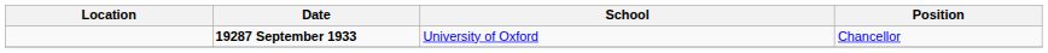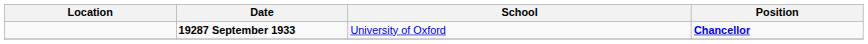 <table class="wikitable" style="width:100%;">
 <tr>
 <th style="width:20%;">Location</th>
 <th style="width:20%;">Date</th>
 <th style="width:40%;">School</th>
 <th style="width:20%;">Position</th>
 </tr>
 <tr>
 <td></td>
 <td><strong>19287 September 1933</strong></td>
 <td><a href='#'>University of Oxford</a></td>
-<td><a href='#'>Chancellor</a></td>
+<td><strong><a href='#'>Chancellor</a></strong></td>
 </tr>
 <tr>
 </tr>
 </table>
